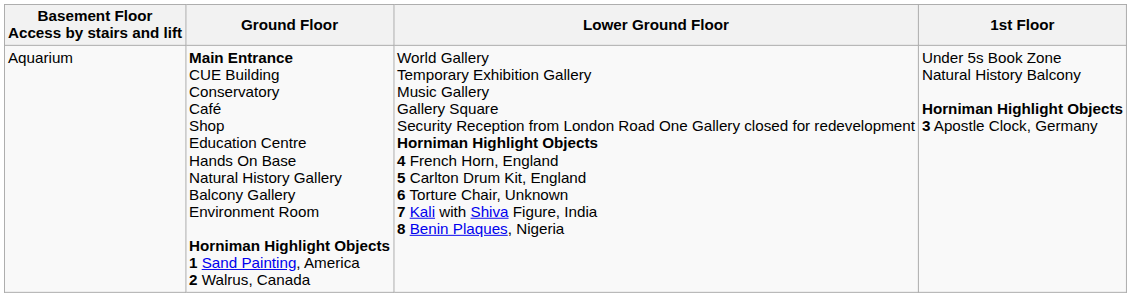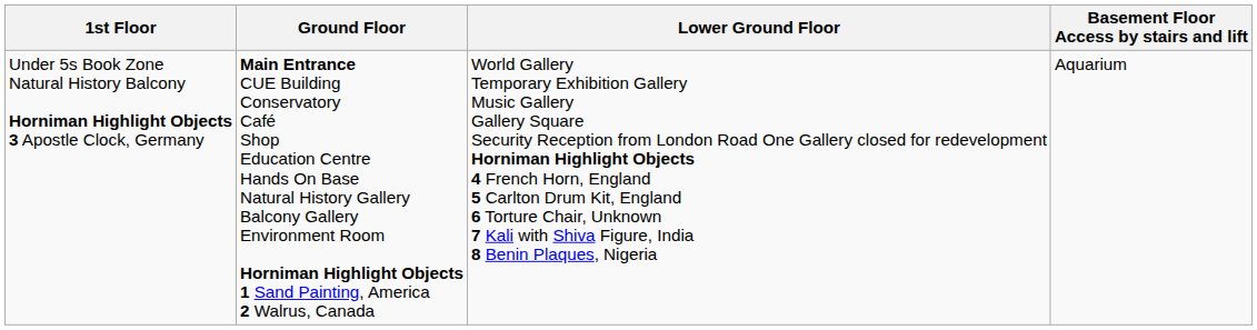 <table class="wikitable">
 <tr>
-<th>Basement Floor<br>  Access by stairs and lift</th>
+<th>1st Floor</th>
 <th>Ground Floor</th>
 <th>Lower Ground Floor</th>
-<th>1st Floor</th>
+<th>Basement Floor<br>  Access by stairs and lift</th>
 </tr>
 <tr valign="top">
-<td>Aquarium</td>
+<td>Under 5s Book Zone<br> Natural History Balcony<br><br> <strong>Horniman Highlight Objects</strong><br> <strong>3</strong> Apostle Clock, Germany</td>
 <td><strong>Main Entrance</strong><br> CUE Building<br> Conservatory<br> Café<br> Shop<br> Education Centre<br> Hands On Base<br> Natural History Gallery<br> Balcony Gallery<br> Environment Room<br><br> <strong>Horniman Highlight Objects</strong><br> <strong>1</strong> <a href='#'>Sand Painting</a>, America<br> <strong>2</strong> Walrus, Canada</td>
 <td>World Gallery<br>Temporary Exhibition Gallery<br> Music Gallery<br> Gallery Square<br> Security Reception from London Road One Gallery closed for redevelopment<br><strong>Horniman Highlight Objects</strong><br> <strong>4</strong> French Horn, England<br> <strong>5</strong> Carlton Drum Kit, England<br> <strong>6</strong> Torture Chair, Unknown<br> <strong>7</strong> <a href='#'>Kali</a> with <a href='#'>Shiva</a> Figure, India<br> <strong>8</strong> <a href='#'>Benin Plaques</a>, Nigeria</td>
-<td>Under 5s Book Zone<br> Natural History Balcony<br><br> <strong>Horniman Highlight Objects</strong><br> <strong>3</strong> Apostle Clock, Germany</td>
+<td>Aquarium</td>
 </tr>
 </table>
